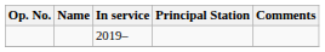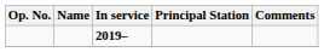 <table class="wikitable">
 <tr>
 <th>Op. No.</th>
 <th>Name</th>
 <th>In service</th>
 <th>Principal Station</th>
 <th>Comments</th>
 </tr>
 <tr>
 <td></td>
 <td></td>
-<td>2019–</td>
+<td><strong>2019–</strong></td>
 <td></td>
 <td></td>
 </tr>
 <tr>
 </tr>
 </table>
